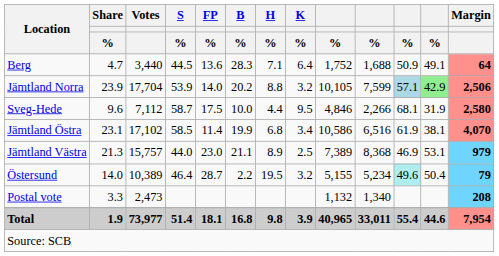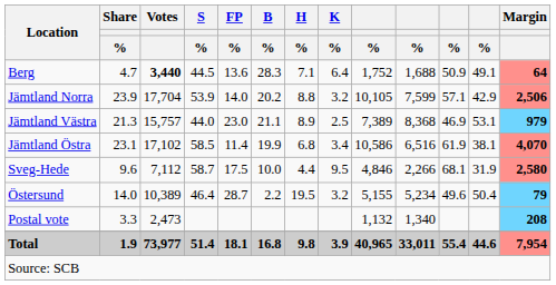 <table class="wikitable sortable" style="text-align:right; font-size:95%; line-height:20px;">
 <tr>
 <th rowspan="3">Location</th>
 <th>Share</th>
 <th>Votes</th>
 <th width="30px" class="unsortable"><a href='#'>S</a></th>
 <th width="30px" class="unsortable"><a href='#'>FP</a></th>
 <th width="30px" class="unsortable"><a href='#'>B</a></th>
 <th width="30px" class="unsortable"><a href='#'>H</a></th>
 <th width="30px" class="unsortable"><a href='#'>K</a></th>
 <th></th>
 <th></th>
 <th></th>
 <th></th>
 <th>Margin</th>
 </tr>
 <tr>
 <th></th>
 <th></th>
 <th style="background:"></th>
 <th style="background:"></th>
 <th style="background:"></th>
 <th style="background:"></th>
 <th style="background:"></th>
 <th style="background:"></th>
 <th style="background:"></th>
 <th style="background:"></th>
 <th style="background:"></th>
 <th></th>
 </tr>
 <tr>
 <th data-sort-type="number">%</th>
 <th></th>
 <th data-sort-type="number">%</th>
 <th data-sort-type="number">%</th>
 <th data-sort-type="number">%</th>
 <th data-sort-type="number">%</th>
 <th data-sort-type="number">%</th>
 <th data-sort-type="number">%</th>
 <th data-sort-type="number">%</th>
 <th data-sort-type="number">%</th>
 <th data-sort-type="number">%</th>
 <th data-sort-type="number"></th>
 </tr>
 <tr>
 <td align=left><a href='#'>Berg</a></td>
 <td>4.7</td>
-<td>3,440</td>
+<td><strong>3,440</strong></td>
 <td>44.5</td>
 <td>13.6</td>
 <td>28.3</td>
 <td>7.1</td>
 <td>6.4</td>
 <td>1,752</td>
 <td>1,688</td>
 <td>50.9</td>
 <td>49.1</td>
 <td bgcolor=#ff908c><strong>64</strong></td>
 </tr>
 <tr>
 <td align=left><a href='#'>Jämtland Norra</a></td>
 <td>23.9</td>
 <td>17,704</td>
 <td>53.9</td>
 <td>14.0</td>
 <td>20.2</td>
 <td>8.8</td>
 <td>3.2</td>
 <td>10,105</td>
 <td>7,599</td>
-<td style="background: lightblue;">57.1</td>
-<td style="background: lightgreen;">42.9</td>
+<td>57.1</td>
+<td>42.9</td>
 <td bgcolor=#ff908c><strong>2,506</strong></td>
+</tr>
+<tr>
+<td align=left><a href='#'>Jämtland Västra</a></td>
+<td>21.3</td>
+<td>15,757</td>
+<td>44.0</td>
+<td>23.0</td>
+<td>21.1</td>
+<td>8.9</td>
+<td>2.5</td>
+<td>7,389</td>
+<td>8,368</td>
+<td>46.9</td>
+<td>53.1</td>
+<td bgcolor=#6fd5fe><strong>979</strong></td>
+</tr>
+<tr>
+<td align=left><a href='#'>Jämtland Östra</a></td>
+<td>23.1</td>
+<td>17,102</td>
+<td>58.5</td>
+<td>11.4</td>
+<td>19.9</td>
+<td>6.8</td>
+<td>3.4</td>
+<td>10,586</td>
+<td>6,516</td>
+<td>61.9</td>
+<td>38.1</td>
+<td bgcolor=#ff908c><strong>4,070</strong></td>
 </tr>
 <tr>
 <td align=left><a href='#'>Sveg-Hede</a></td>
 <td>9.6</td>
 <td>7,112</td>
 <td>58.7</td>
 <td>17.5</td>
 <td>10.0</td>
 <td>4.4</td>
 <td>9.5</td>
 <td>4,846</td>
 <td>2,266</td>
 <td>68.1</td>
 <td>31.9</td>
 <td bgcolor=#ff908c><strong>2,580</strong></td>
 </tr>
 <tr>
-<td align=left><a href='#'>Jämtland Östra</a></td>
-<td>23.1</td>
-<td>17,102</td>
-<td>58.5</td>
-<td>11.4</td>
-<td>19.9</td>
-<td>6.8</td>
-<td>3.4</td>
-<td>10,586</td>
-<td>6,516</td>
-<td>61.9</td>
-<td>38.1</td>
-<td bgcolor=#ff908c><strong>4,070</strong></td>
-</tr>
-<tr>
-<td align=left><a href='#'>Jämtland Västra</a></td>
-<td>21.3</td>
-<td>15,757</td>
-<td>44.0</td>
-<td>23.0</td>
-<td>21.1</td>
-<td>8.9</td>
-<td>2.5</td>
-<td>7,389</td>
-<td>8,368</td>
-<td>46.9</td>
-<td>53.1</td>
-<td bgcolor=#6fd5fe><strong>979</strong></td>
-</tr>
-<tr>
 <td align=left><a href='#'>Östersund</a></td>
 <td>14.0</td>
 <td>10,389</td>
 <td>46.4</td>
 <td>28.7</td>
 <td>2.2</td>
 <td>19.5</td>
 <td>3.2</td>
 <td>5,155</td>
 <td>5,234</td>
-<td style="background: paleturquoise;">49.6</td>
+<td>49.6</td>
 <td>50.4</td>
 <td bgcolor=#6fd5fe><strong>79</strong></td>
 </tr>
 <tr>
 <td align=left><a href='#'>Postal vote</a></td>
 <td>3.3</td>
 <td>2,473</td>
 <td></td>
 <td></td>
 <td></td>
 <td></td>
 <td></td>
 <td>1,132</td>
 <td>1,340</td>
 <td></td>
 <td></td>
 <td bgcolor=#6fd5fe><strong>208</strong></td>
 </tr>
 <tr>
 </tr>
 <tr style="background:#CDCDCD;">
 <td align=left><strong>Total</strong></td>
 <td><strong>1.9</strong></td>
 <td><strong>73,977</strong></td>
 <td><strong>51.4</strong></td>
 <td><strong>18.1</strong></td>
 <td><strong>16.8</strong></td>
 <td><strong>9.8</strong></td>
 <td><strong>3.9</strong></td>
 <td><strong>40,965</strong></td>
 <td><strong>33,011</strong></td>
 <td><strong>55.4</strong></td>
 <td><strong>44.6</strong></td>
 <td bgcolor=#ff908c><strong>7,954</strong></td>
 </tr>
 <tr>
 <td align=left colspan=13>Source: SCB </td>
 </tr>
 </table>
